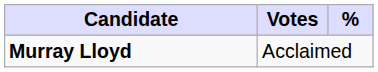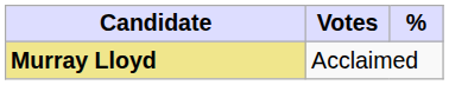 <table class="wikitable">
 <tr>
 <th style="background:#ddf; width:200px;">Candidate</th>
 <th style="background:#ddf; width:50px;">Votes</th>
 <th style="background:#ddf; width:30px;">%</th>
 </tr>
 <tr>
-<td><strong>Murray Lloyd</strong></td>
+<td style="background: khaki;"><strong>Murray Lloyd</strong></td>
 <td colspan="2">Acclaimed</td>
 </tr>
 </table>
